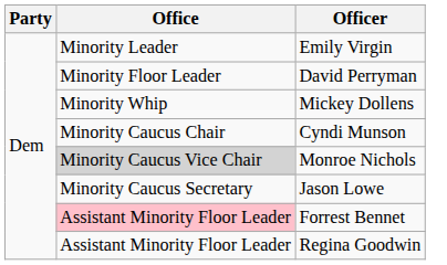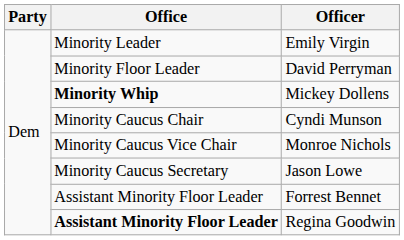 <table class=wikitable>
 <tr>
 <th>Party</th>
 <th>Office</th>
 <th>Officer</th>
 </tr>
 <tr>
 <td rowspan=8 style="background: ">Dem</td>
 <td>Minority Leader</td>
 <td>Emily Virgin</td>
 </tr>
 <tr>
 <td>Minority Floor Leader</td>
 <td>David Perryman</td>
 </tr>
 <tr>
-<td>Minority Whip</td>
+<td><strong>Minority Whip</strong></td>
 <td>Mickey Dollens</td>
 </tr>
 <tr>
 <td>Minority Caucus Chair</td>
 <td>Cyndi Munson</td>
 </tr>
 <tr>
-<td style="background: lightgrey;">Minority Caucus Vice Chair</td>
+<td>Minority Caucus Vice Chair</td>
 <td>Monroe Nichols</td>
 </tr>
 <tr>
 <td>Minority Caucus Secretary</td>
 <td>Jason Lowe</td>
 </tr>
 <tr>
-<td style="background: pink;">Assistant Minority Floor Leader</td>
+<td>Assistant Minority Floor Leader</td>
 <td>Forrest Bennet</td>
 </tr>
 <tr>
-<td>Assistant Minority Floor Leader</td>
+<td><strong>Assistant Minority Floor Leader</strong></td>
 <td>Regina Goodwin</td>
 </tr>
 </table>
